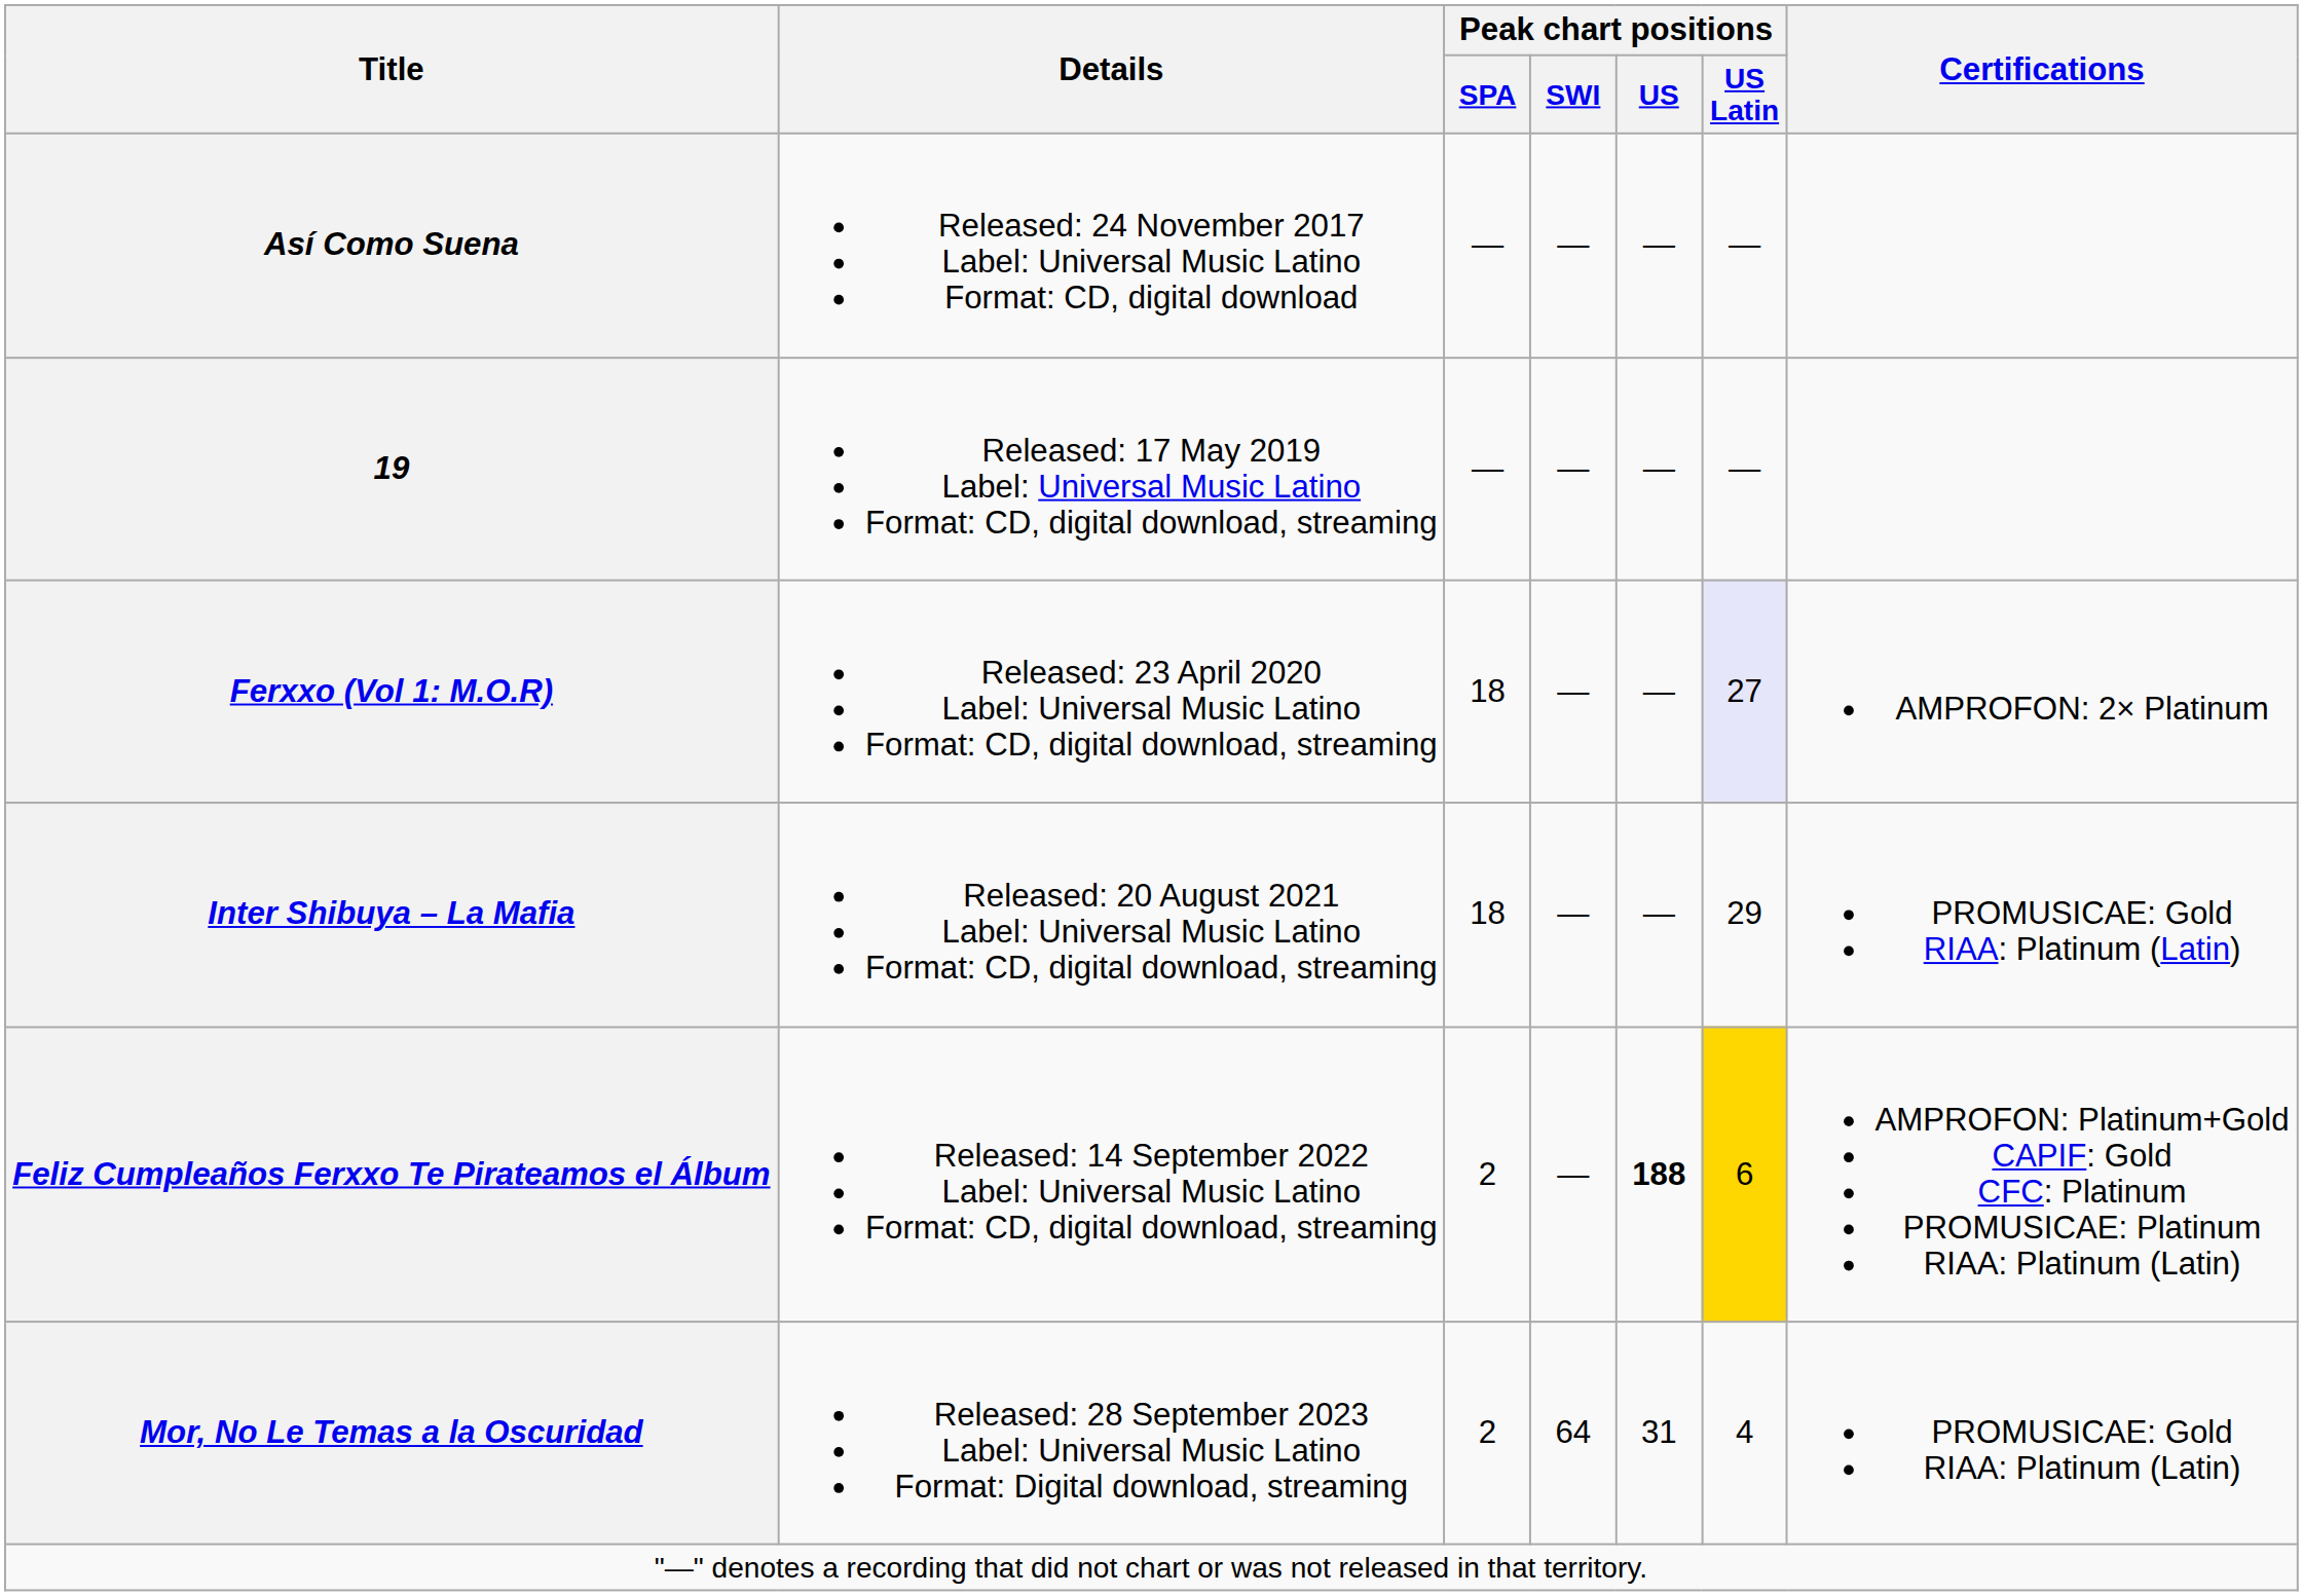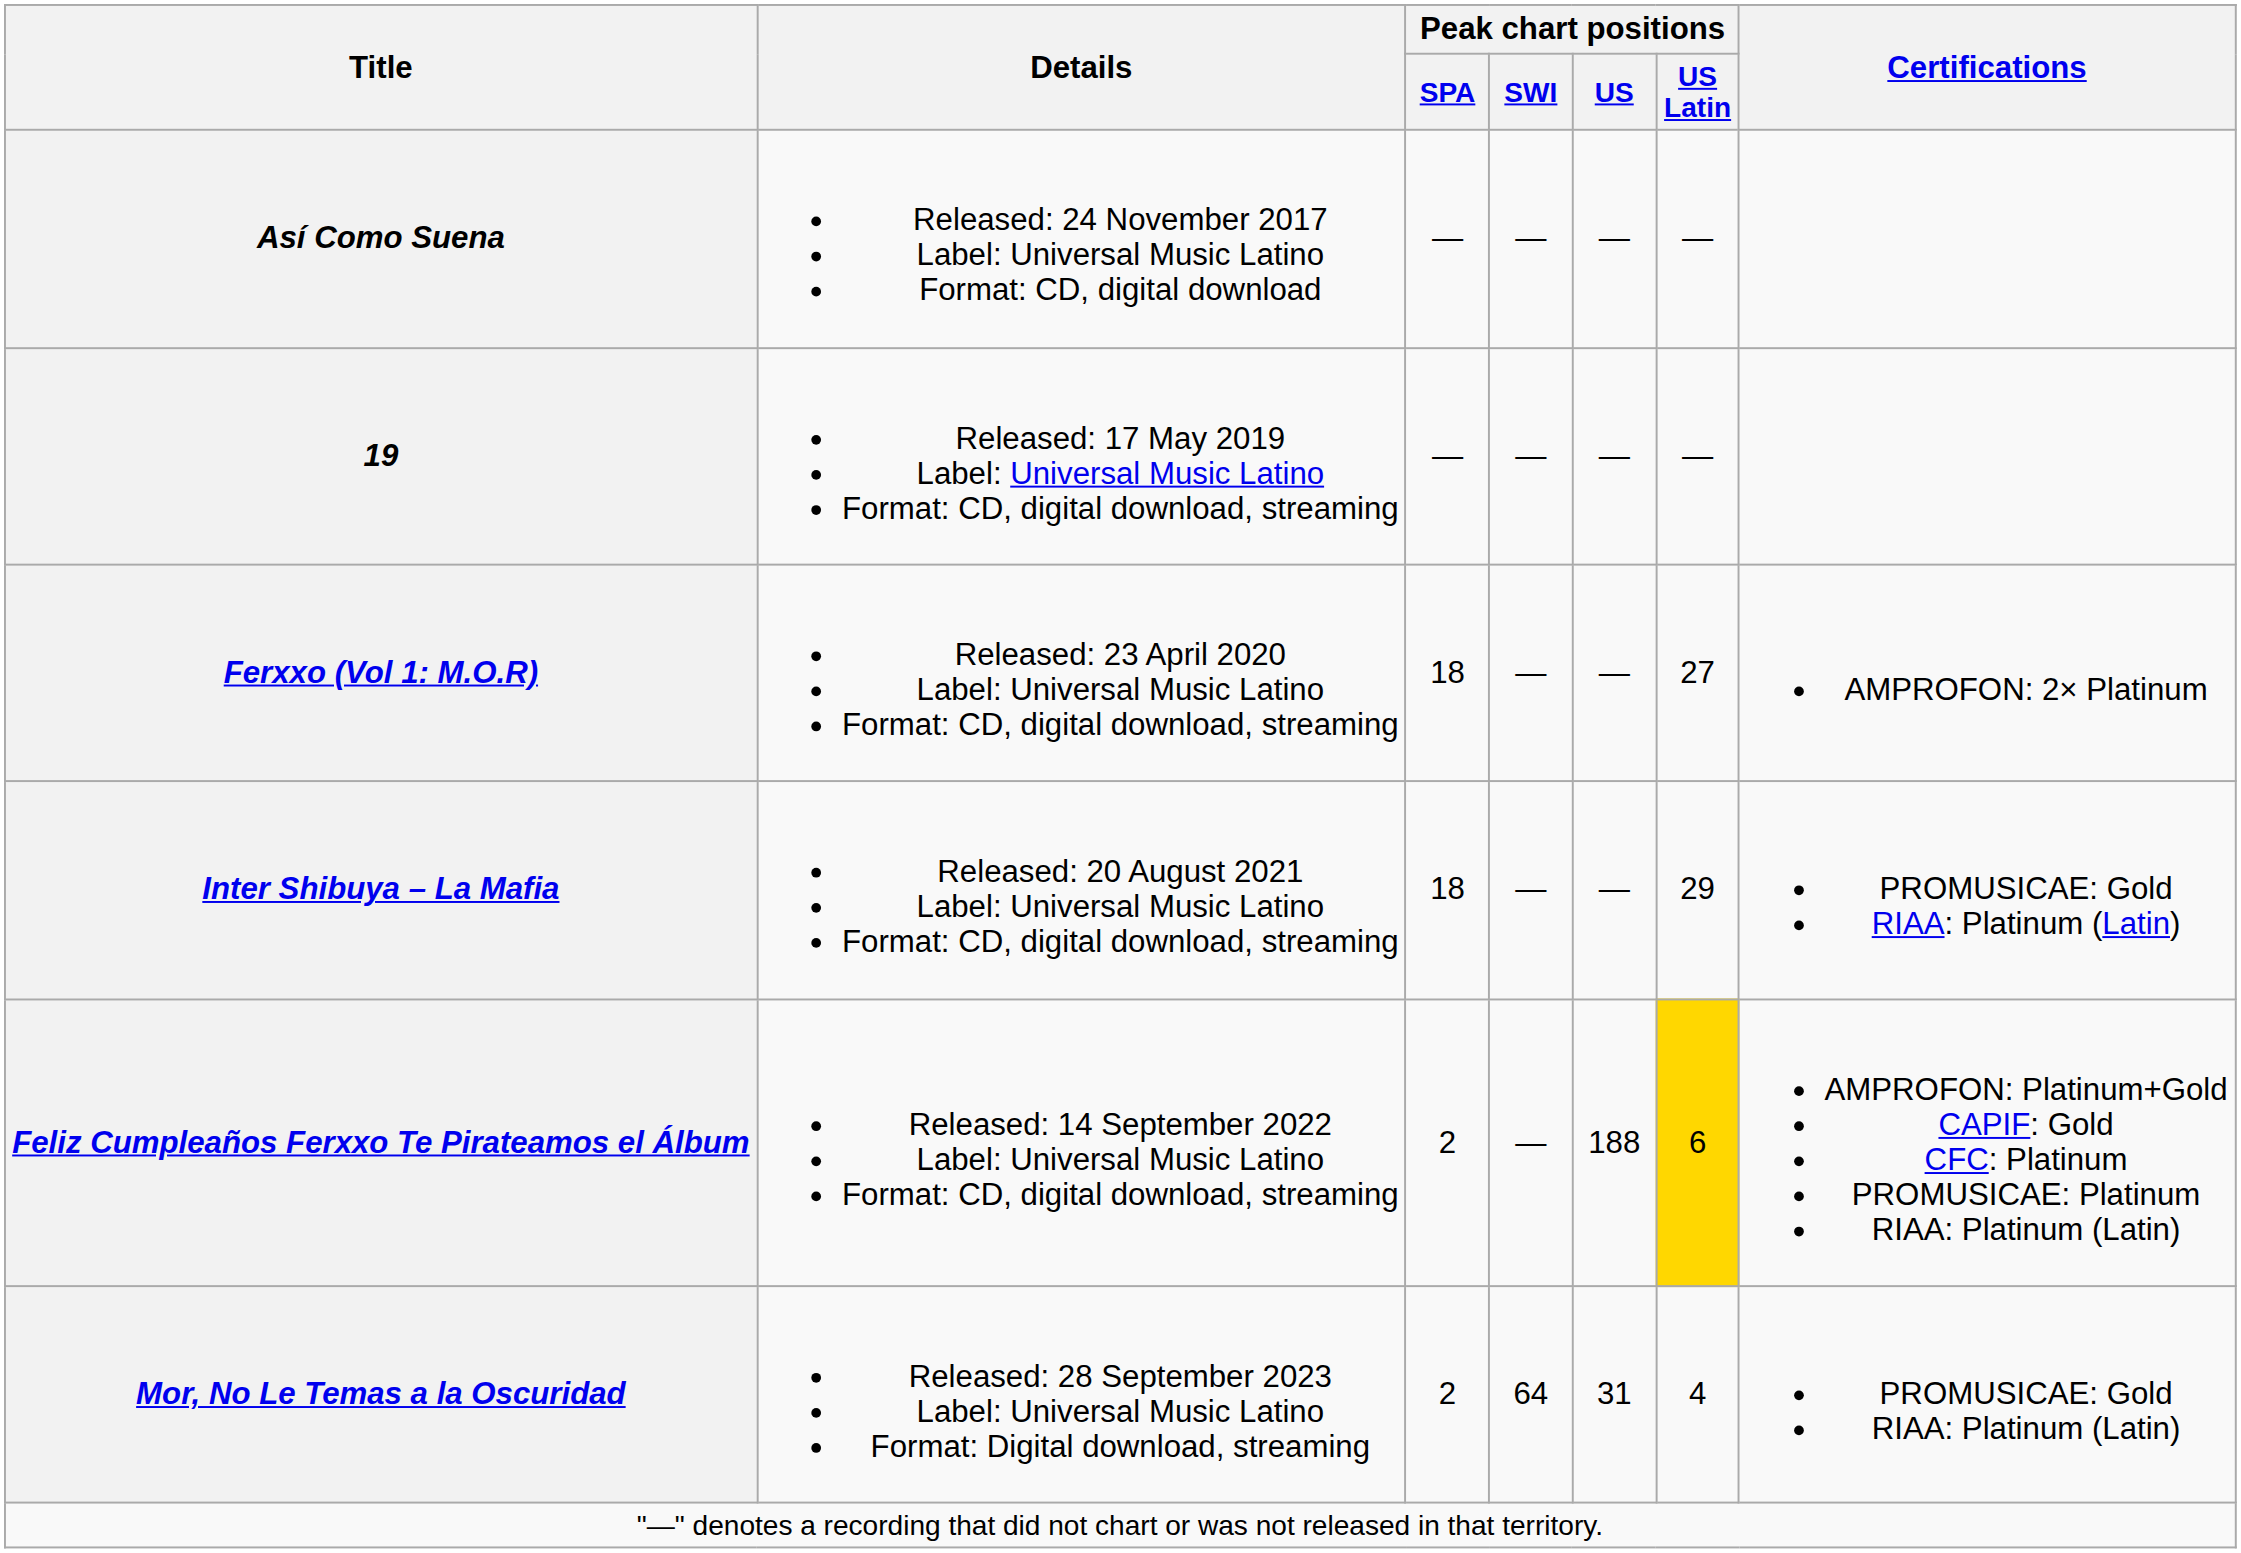 <table class="wikitable plainrowheaders" style="text-align:center;">
 <tr>
 <th scope="col" rowspan="2">Title</th>
 <th scope="col" rowspan="2">Details</th>
 <th scope="col" colspan="4">Peak chart positions</th>
 <th scope="col" rowspan="2"><a href='#'>Certifications</a></th>
 </tr>
 <tr>
 <th scope="col" style="width:2.5em;font-size:90%;"><a href='#'>SPA</a><br></th>
 <th scope="col" style="width:2.5em;font-size:90%;"><a href='#'>SWI</a><br></th>
 <th scope="col" style="width:2.5em;font-size:90%;"><a href='#'>US</a><br></th>
 <th scope="col" style="width:2.5em;font-size:90%;"><a href='#'>US<br>Latin</a><br></th>
 </tr>
 <tr>
 <th scope="row"><em>Así Como Suena</em></th>
 <td><br><ul><li>Released: 24 November 2017</li><li>Label: Universal Music Latino</li><li>Format: CD, digital download</li></ul></td>
 <td>—</td>
 <td>—</td>
 <td>—</td>
 <td>—</td>
 <td></td>
 </tr>
 <tr>
 <th scope="row"><em>19</em></th>
 <td><br><ul><li>Released: 17 May 2019</li><li>Label: <a href='#'>Universal Music Latino</a></li><li>Format: CD, digital download, streaming</li></ul></td>
 <td>—</td>
 <td>—</td>
 <td>—</td>
 <td>—</td>
 <td></td>
 </tr>
 <tr>
 <th scope="row"><em><a href='#'>Ferxxo (Vol 1: M.O.R)</a></em></th>
 <td><br><ul><li>Released: 23 April 2020</li><li>Label: Universal Music Latino</li><li>Format: CD, digital download, streaming</li></ul></td>
 <td>18</td>
 <td>—</td>
 <td>—</td>
-<td style="background: lavender;">27</td>
+<td>27</td>
 <td><br><ul><li>AMPROFON: 2× Platinum</li></ul></td>
 </tr>
 <tr>
 <th scope="row"><em><a href='#'>Inter Shibuya – La Mafia</a></em></th>
 <td><br><ul><li>Released: 20 August 2021</li><li>Label: Universal Music Latino</li><li>Format: CD, digital download, streaming</li></ul></td>
 <td>18</td>
 <td>—</td>
 <td>—</td>
 <td>29</td>
 <td><br><ul><li>PROMUSICAE: Gold</li><li><a href='#'>RIAA</a>: Platinum (<a href='#'>Latin</a>)</li></ul></td>
 </tr>
 <tr>
 <th scope="row"><em><a href='#'>Feliz Cumpleaños Ferxxo Te Pirateamos el Álbum</a></em></th>
 <td><br><ul><li>Released: 14 September 2022</li><li>Label: Universal Music Latino</li><li>Format: CD, digital download, streaming</li></ul></td>
 <td>2</td>
 <td>—</td>
-<td><strong>188</strong></td>
+<td>188</td>
 <td style="background: gold;">6</td>
 <td><br><ul><li>AMPROFON: Platinum+Gold</li><li><a href='#'>CAPIF</a>: Gold</li><li><a href='#'>CFC</a>: Platinum</li><li>PROMUSICAE: Platinum</li><li>RIAA: Platinum (Latin)</li></ul></td>
 </tr>
 <tr>
 <th scope="row"><em><a href='#'>Mor, No Le Temas a la Oscuridad</a></em></th>
 <td><br><ul><li>Released: 28 September 2023</li><li>Label: Universal Music Latino</li><li>Format: Digital download, streaming</li></ul></td>
 <td>2</td>
 <td>64</td>
 <td>31</td>
 <td>4</td>
 <td><br><ul><li>PROMUSICAE: Gold</li><li>RIAA: Platinum (Latin)</li></ul></td>
 </tr>
 <tr>
 <td colspan="15" style="font-size:90%">"—" denotes a recording that did not chart or was not released in that territory.</td>
 </tr>
 </table>
